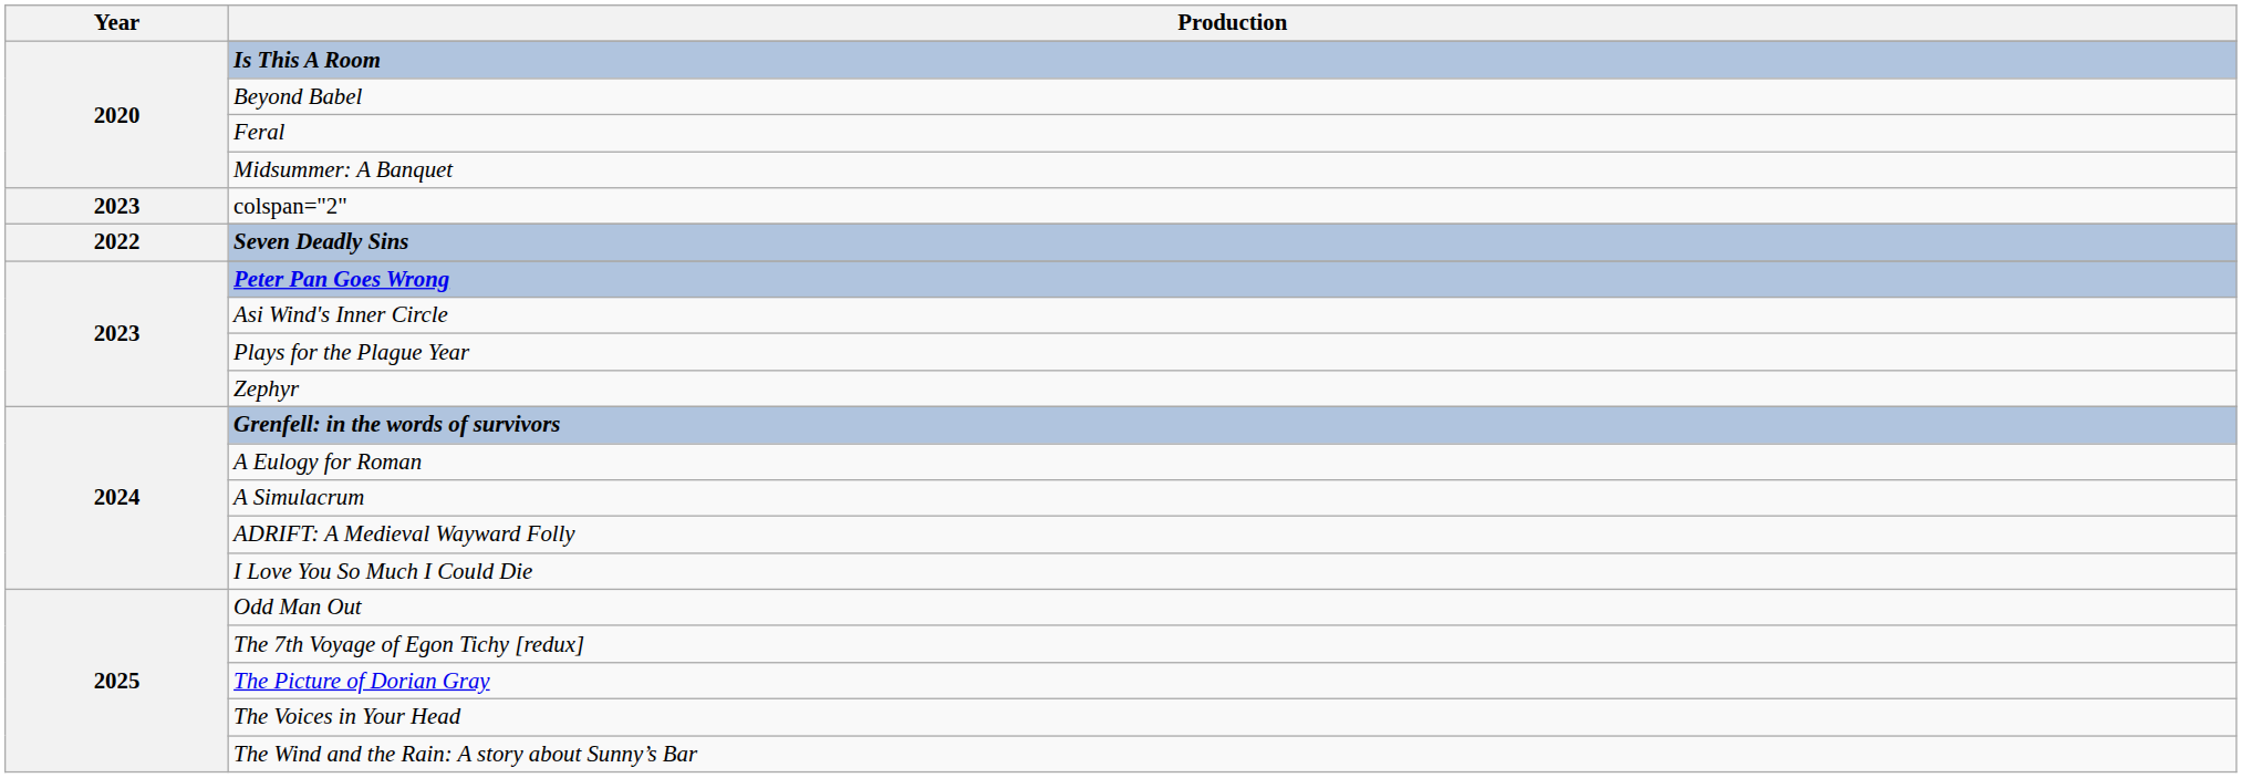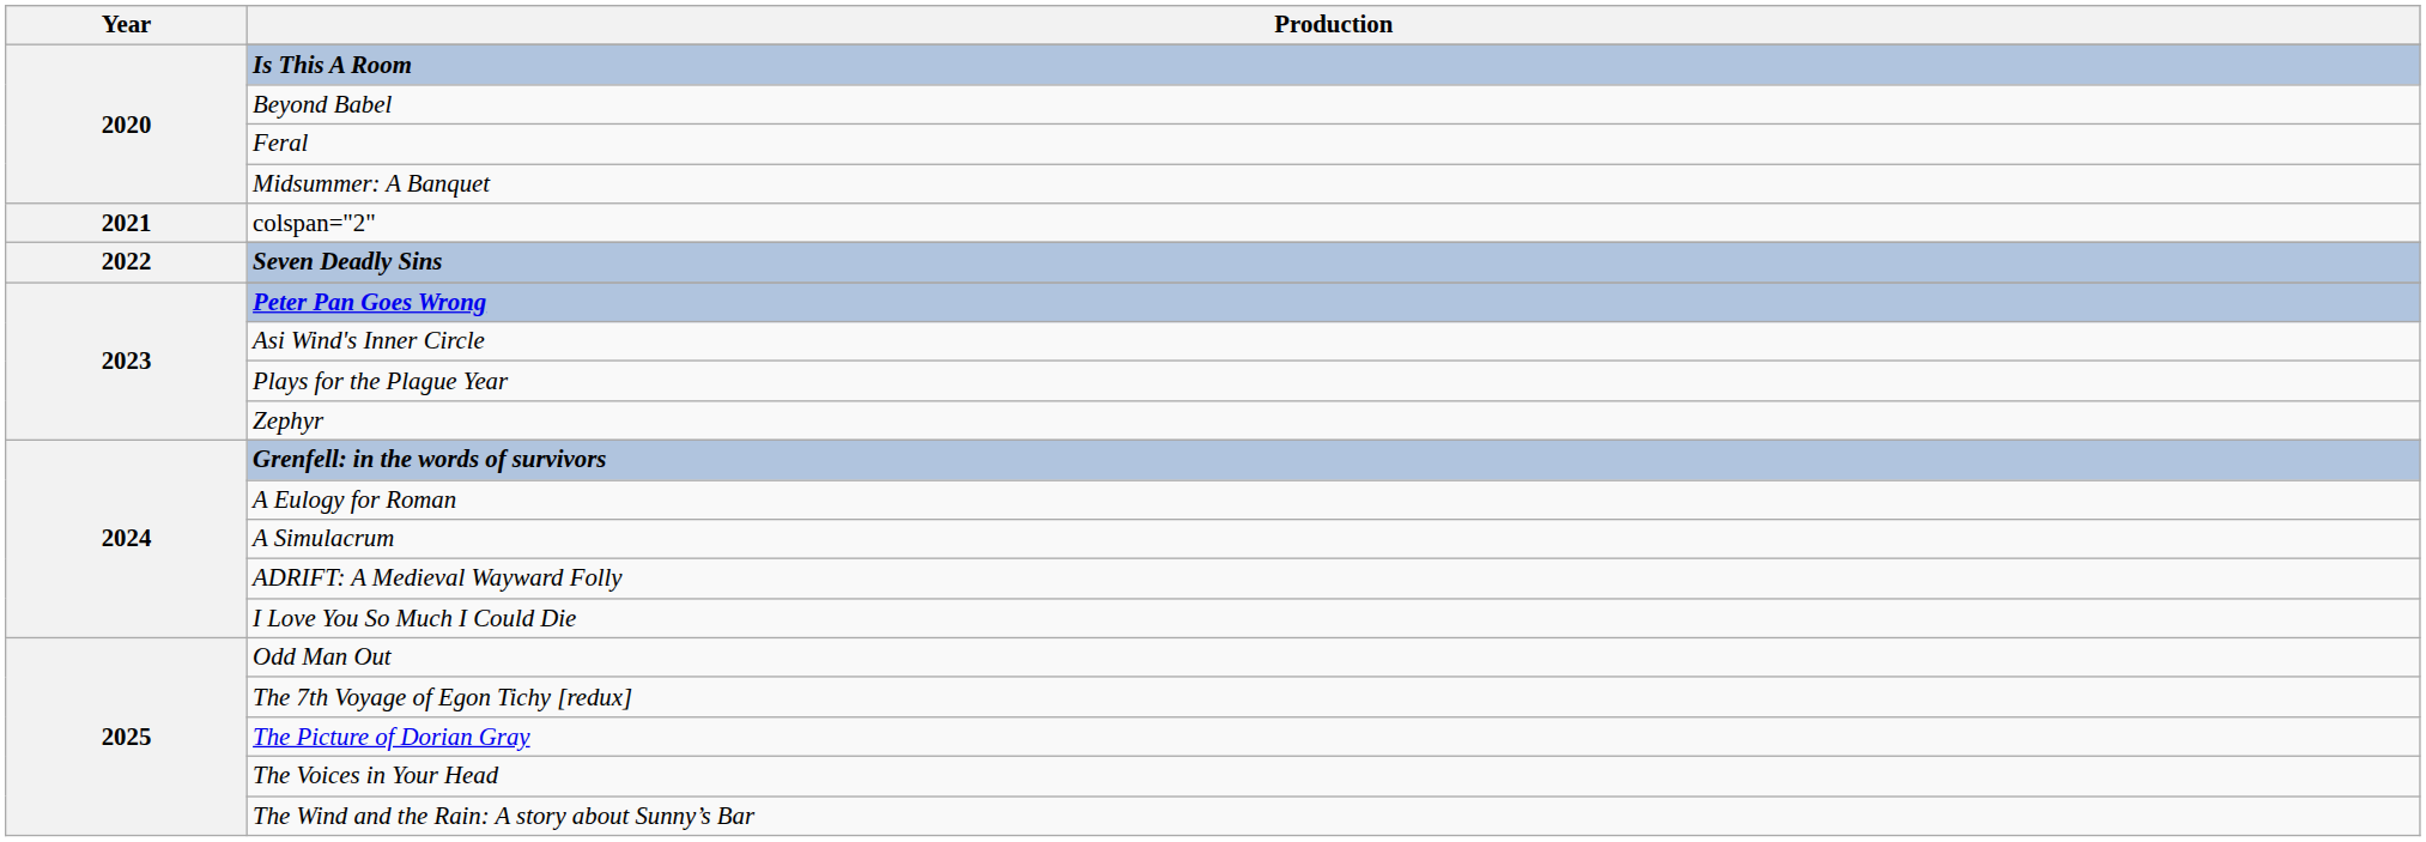 <table class="wikitable" style="width:98%;">
 <tr style="background:#bebebe;">
 <th style="width:10%;">Year</th>
 <th style="width:90%;">Production</th>
 </tr>
 <tr>
 <th rowspan="5">2020</th>
 </tr>
 <tr style="background:#B0C4DE">
 <td><strong><em>Is This A Room</em></strong></td>
 </tr>
 <tr>
 <td><em>Beyond Babel</em></td>
 </tr>
 <tr>
 <td><em>Feral</em></td>
 </tr>
 <tr>
 <td><em>Midsummer: A Banquet</em></td>
 </tr>
 <tr>
-<th>2023</th>
+<th>2021</th>
 <td>colspan="2" </td>
 </tr>
 <tr>
 <th rowspan="2">2022</th>
 </tr>
 <tr style="background:#B0C4DE">
 <td><strong><em>Seven Deadly Sins</em></strong></td>
 </tr>
 <tr>
 <th rowspan="5">2023</th>
 </tr>
 <tr style="background:#B0C4DE">
 <td><strong><em><a href='#'>Peter Pan Goes Wrong</a></em></strong></td>
 </tr>
 <tr>
 <td><em>Asi Wind's Inner Circle</em></td>
 </tr>
 <tr>
 <td><em>Plays for the Plague Year</em></td>
 </tr>
 <tr>
 <td><em>Zephyr</em></td>
 </tr>
 <tr>
 <th rowspan="6">2024</th>
 </tr>
 <tr style="background:#B0C4DE">
 <td><strong><em>Grenfell: in the words of survivors</em></strong></td>
 </tr>
 <tr>
 <td><em>A Eulogy for Roman</em></td>
 </tr>
 <tr>
 <td><em>A Simulacrum</em></td>
 </tr>
 <tr>
 <td><em>ADRIFT: A Medieval Wayward Folly</em></td>
 </tr>
 <tr>
 <td><em>I Love You So Much I Could Die</em></td>
 </tr>
 <tr>
 <th rowspan="5">2025</th>
 <td><em>Odd Man Out</em></td>
 </tr>
 <tr>
 <td><em>The 7th Voyage of Egon Tichy [redux]</em></td>
 </tr>
 <tr>
 <td><em><a href='#'>The Picture of Dorian Gray</a></em></td>
 </tr>
 <tr>
 <td><em>The Voices in Your Head</em></td>
 </tr>
 <tr>
 <td><em>The Wind and the Rain: A story about Sunny’s Bar</em></td>
 </tr>
 </table>
